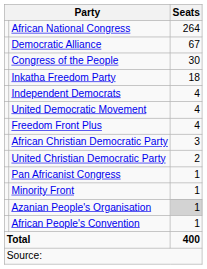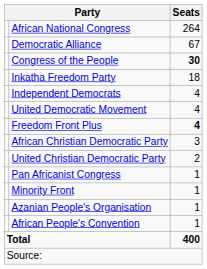 <table class="wikitable" style="text-align:right">
 <tr>
 <th colspan="2">Party</th>
 <th>Seats</th>
 </tr>
 <tr>
 <td></td>
 <td align="left"><a href='#'>African National Congress</a></td>
 <td>264</td>
 </tr>
 <tr>
 <td></td>
 <td align="left"><a href='#'>Democratic Alliance</a></td>
 <td>67</td>
 </tr>
 <tr>
 <td></td>
 <td align="left"><a href='#'>Congress of the People</a></td>
-<td>30</td>
+<td><strong>30</strong></td>
 </tr>
 <tr>
 <td></td>
 <td align="left"><a href='#'>Inkatha Freedom Party</a></td>
 <td>18</td>
 </tr>
 <tr>
 <td></td>
 <td align="left"><a href='#'>Independent Democrats</a></td>
 <td>4</td>
 </tr>
 <tr>
 <td></td>
 <td align="left"><a href='#'>United Democratic Movement</a></td>
 <td>4</td>
 </tr>
 <tr>
 <td></td>
 <td align="left"><a href='#'>Freedom Front Plus</a></td>
-<td>4</td>
+<td><strong>4</strong></td>
 </tr>
 <tr>
 <td></td>
 <td align="left"><a href='#'>African Christian Democratic Party</a></td>
 <td>3</td>
 </tr>
 <tr>
 <td></td>
 <td align="left"><a href='#'>United Christian Democratic Party</a></td>
 <td>2</td>
 </tr>
 <tr>
 <td></td>
 <td align="left"><a href='#'>Pan Africanist Congress</a></td>
 <td>1</td>
 </tr>
 <tr>
 <td></td>
 <td align="left"><a href='#'>Minority Front</a></td>
 <td>1</td>
 </tr>
 <tr>
 <td></td>
 <td align="left"><a href='#'>Azanian People's Organisation</a></td>
-<td style="background: lightgrey;">1</td>
+<td>1</td>
 </tr>
 <tr>
 <td></td>
 <td align="left"><a href='#'>African People's Convention</a></td>
 <td>1</td>
 </tr>
 <tr>
 <td colspan="2" align="left"><strong>Total</strong></td>
 <td><strong>400</strong></td>
 </tr>
 <tr>
 <td colspan="3" align="left">Source:</td>
 </tr>
 </table>
